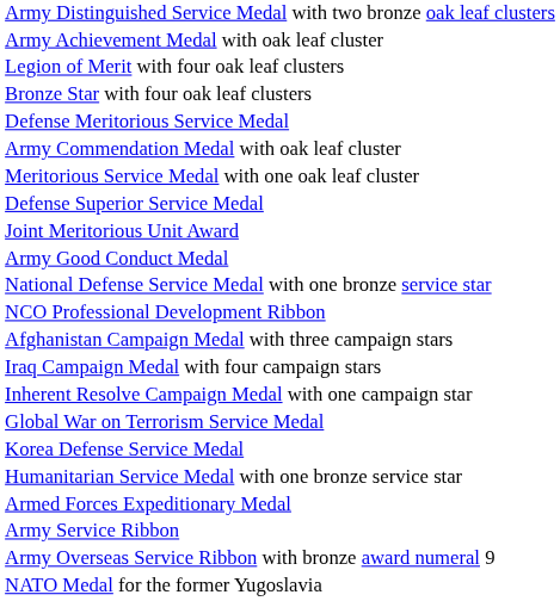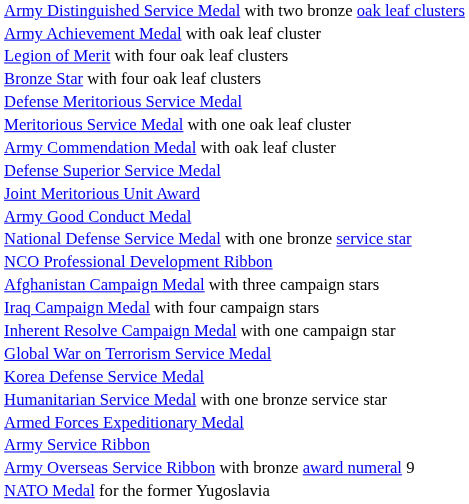 <table>
 <tr>
 <td><span></span><span></span> <a href='#'>Army Distinguished Service Medal</a> with two bronze <a href='#'>oak leaf clusters</a></td>
 </tr>
 <tr>
 <td> <a href='#'>Army Achievement Medal</a> with oak leaf cluster</td>
 </tr>
 <tr>
 <td><span></span><span></span><span></span><span></span> <a href='#'>Legion of Merit</a> with four oak leaf clusters</td>
 </tr>
 <tr>
 <td><span></span><span></span><span></span><span></span> <a href='#'>Bronze Star</a> with four oak leaf clusters</td>
 </tr>
 <tr>
 <td> <a href='#'>Defense Meritorious Service Medal</a></td>
 </tr>
 <tr>
-<td> <a href='#'>Army Commendation Medal</a> with oak leaf cluster</td>
+<td> <a href='#'>Meritorious Service Medal</a> with one oak leaf cluster</td>
 </tr>
 <tr>
-<td> <a href='#'>Meritorious Service Medal</a> with one oak leaf cluster</td>
+<td> <a href='#'>Army Commendation Medal</a> with oak leaf cluster</td>
 </tr>
 <tr>
 <td> <a href='#'>Defense Superior Service Medal</a></td>
 </tr>
 <tr>
 <td> <a href='#'>Joint Meritorious Unit Award</a></td>
 </tr>
 <tr>
 <td> <a href='#'>Army Good Conduct Medal</a></td>
 </tr>
 <tr>
 <td> <a href='#'>National Defense Service Medal</a> with one bronze <a href='#'>service star</a></td>
 </tr>
 <tr>
 <td> <a href='#'>NCO Professional Development Ribbon</a></td>
 </tr>
 <tr>
 <td><span></span><span></span><span></span> <a href='#'>Afghanistan Campaign Medal</a> with three campaign stars</td>
 </tr>
 <tr>
 <td><span></span><span></span><span></span><span></span> <a href='#'>Iraq Campaign Medal</a> with four campaign stars</td>
 </tr>
 <tr>
 <td> <a href='#'>Inherent Resolve Campaign Medal</a> with one campaign star</td>
 </tr>
 <tr>
 <td> <a href='#'>Global War on Terrorism Service Medal</a></td>
 </tr>
 <tr>
 <td> <a href='#'>Korea Defense Service Medal</a></td>
 </tr>
 <tr>
 <td> <a href='#'>Humanitarian Service Medal</a> with one bronze service star</td>
 </tr>
 <tr>
 <td> <a href='#'>Armed Forces Expeditionary Medal</a></td>
 </tr>
 <tr>
 <td> <a href='#'>Army Service Ribbon</a></td>
 </tr>
 <tr>
 <td><span></span> <a href='#'>Army Overseas Service Ribbon</a> with bronze <a href='#'>award numeral</a> 9</td>
 </tr>
 <tr>
 <td> <a href='#'>NATO Medal</a> for the former Yugoslavia</td>
 </tr>
 </table>
